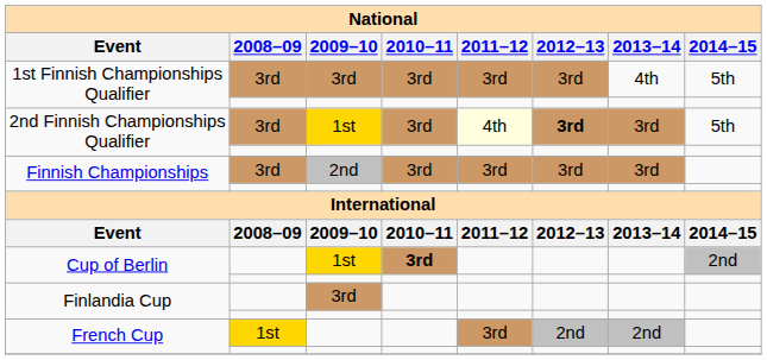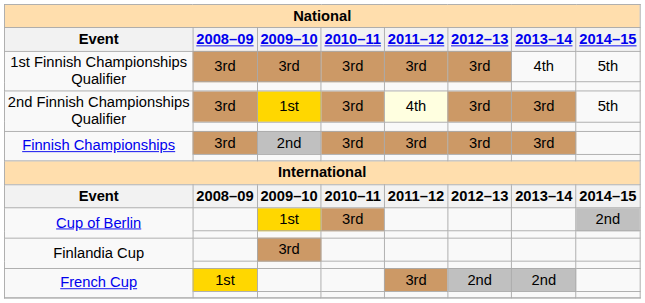 <table class="wikitable">
 <tr>
 <th style="background-color: #ffdead; " colspan="8" align="center"><strong>National</strong></th>
 </tr>
 <tr>
 <th>Event</th>
 <th><a href='#'>2008–09</a></th>
 <th><a href='#'>2009–10</a></th>
 <th><a href='#'>2010–11</a></th>
 <th><a href='#'>2011–12</a></th>
 <th><a href='#'>2012–13</a></th>
 <th><a href='#'>2013–14</a></th>
 <th><a href='#'>2014–15</a></th>
 </tr>
 <tr>
 <td align="center" rowspan="2">1st Finnish Championships<br>Qualifier</td>
 <td 2008-09 align="center" bgcolor="cc9966">3rd</td>
 <td 2009-10 align="center" bgcolor="cc9966">3rd</td>
 <td 2010-11 align="center" bgcolor="cc9966">3rd</td>
 <td 2011-12 align="center" bgcolor="cc9966">3rd</td>
 <td 2012-13 align="center" bgcolor="cc9966">3rd</td>
 <td 2013-14 align="center">4th</td>
 <td 2014-15 align="center">5th</td>
 </tr>
 <tr>
 <td 2008-09 align="center"></td>
 <td 2009-10 align="center"></td>
 <td 2010-11 align="center"></td>
 <td 2011-12 align="center"></td>
 <td 2012-13 align="center"></td>
 <td 2013-14 align="center"></td>
 <td 2014-15 align="center"></td>
 </tr>
 <tr>
 <td align="center" rowspan="2">2nd Finnish Championships<br>Qualifier</td>
 <td 2008-09 align="center" bgcolor="cc9966">3rd</td>
 <td 2009-10 align="center" bgcolor="gold">1st</td>
 <td 2010-11 align="center" bgcolor="cc9966">3rd</td>
 <td 2011-12 align="center" style="background: lightyellow;">4th</td>
-<td 2012-13 align="center" bgcolor="cc9966"><strong>3rd</strong></td>
+<td 2012-13 align="center" bgcolor="cc9966">3rd</td>
 <td 2013-14 align="center" bgcolor="cc9966">3rd</td>
 <td 2014-15 align="center">5th</td>
 </tr>
 <tr>
 <td 2008-09 align="center"></td>
 <td 2009-10 align="center"></td>
 <td 2010-11 align="center"></td>
 <td 2011-12 align="center"></td>
 <td 2012-13 align="center"></td>
 <td 2013-14 align="center"></td>
 <td 2014-15 align="center"></td>
 </tr>
 <tr>
 <td align="center" rowspan="2"><a href='#'>Finnish Championships</a></td>
 <td 2008-09 align="center" bgcolor="cc9966">3rd</td>
 <td 2009-10 align="center" bgcolor="silver">2nd</td>
 <td 2010-11 align="center" bgcolor="cc9966">3rd</td>
 <td 2011-12 align="center" bgcolor="cc9966">3rd</td>
 <td 2012-13 align="center" bgcolor="cc9966">3rd</td>
 <td 2013-14 align="center" bgcolor="cc9966">3rd</td>
 <td 2014-15 align="center"></td>
 </tr>
 <tr>
 <td 2008-09 align="center"></td>
 <td 2009-10 align="center"></td>
 <td 2010-11 align="center"></td>
 <td 2011-12 align="center"></td>
 <td 2012-13 align="center"></td>
 <td 2013-14 align="center"></td>
 <td 2014-15 align="center"></td>
 </tr>
 <tr>
 <th style="background-color: #ffdead; " colspan="8" align=center><strong>International</strong></th>
 </tr>
 <tr>
 <th>Event</th>
 <th>2008–09</th>
 <th>2009–10</th>
 <th>2010–11</th>
 <th>2011–12</th>
 <th>2012–13</th>
 <th>2013–14</th>
 <th>2014–15</th>
 </tr>
 <tr>
 <td align="center" rowspan="2"><a href='#'>Cup of Berlin</a></td>
 <td 2008-09 align="center"></td>
 <td 2009-10 align="center" bgcolor="gold">1st</td>
-<td 2010-11 align="center" bgcolor="cc9966"><strong>3rd</strong></td>
+<td 2010-11 align="center" bgcolor="cc9966">3rd</td>
 <td 2011-12 align="center"></td>
 <td 2012-13 align="center"></td>
 <td 2013-14 align="center"></td>
 <td 2014-15 align="center" bgcolor="silver">2nd</td>
 </tr>
 <tr>
 <td 2008-09 align="center"></td>
 <td 2009-10 align="center"></td>
 <td 2010-11 align="center"></td>
 <td 2011-12 align="center"></td>
 <td 2012-13 align="center"></td>
 <td 2013-14 align="center"></td>
 <td 2014-15 align="center"></td>
 </tr>
 <tr>
 <td align="center" rowspan="2">Finlandia Cup</td>
 <td 2008-09 align="center"></td>
 <td 2009-10 align="center" bgcolor="cc9966">3rd</td>
 <td 2010-11 align="center"></td>
 <td 2011-12 align="center"></td>
 <td 2012-13 align="center"></td>
 <td 2013-14 align="center"></td>
 <td 2014-15 align="center"></td>
 </tr>
 <tr>
 <td 2008-09 align="center"></td>
 <td 2009-10 align="center"></td>
 <td 2010-11 align="center"></td>
 <td 2011-12 align="center"></td>
 <td 2012-13 align="center"></td>
 <td 2013-14 align="center"></td>
 <td 2014-15 align="center"></td>
 </tr>
 <tr>
 <td align="center" rowspan="2"><a href='#'>French Cup</a></td>
 <td 2008-09 align="center" bgcolor="gold">1st</td>
 <td 2009-10 align="center"></td>
 <td 2010-11 align="center"></td>
 <td 2011-12 align="center" bgcolor="cc9966">3rd</td>
 <td 2012-13 align="center" bgcolor="silver">2nd</td>
 <td 2013-14 align="center" bgcolor="silver">2nd</td>
 <td 2014-15 align="center"></td>
 </tr>
 <tr>
 <td 2008-09 align="center"></td>
 <td 2009-10 align="center"></td>
 <td 2010-11 align="center"></td>
 <td 2011-12 align="center"></td>
 <td 2012-13 align="center"></td>
 <td 2013-14 align="center"></td>
 <td 2014-15 align="center"></td>
 </tr>
 <tr>
 </tr>
 </table>
